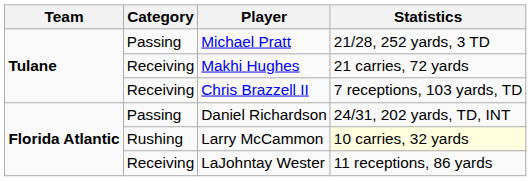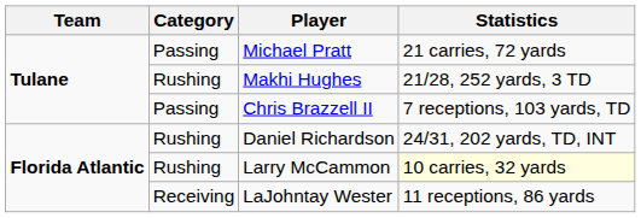 <table class="wikitable" style="float: right;">
 <tr>
 <th>Team</th>
 <th>Category</th>
 <th>Player</th>
 <th>Statistics</th>
 </tr>
 <tr>
 <td rowspan=3><strong>Tulane</strong></td>
 <td>Passing</td>
 <td><a href='#'>Michael Pratt</a></td>
+<td>21 carries, 72 yards</td>
+</tr>
+<tr>
+<td>Rushing</td>
+<td><a href='#'>Makhi Hughes</a></td>
 <td>21/28, 252 yards, 3 TD</td>
 </tr>
 <tr>
-<td>Receiving</td>
-<td><a href='#'>Makhi Hughes</a></td>
-<td>21 carries, 72 yards</td>
-</tr>
-<tr>
-<td>Receiving</td>
+<td>Passing</td>
 <td><a href='#'>Chris Brazzell II</a></td>
 <td>7 receptions, 103 yards, TD</td>
 </tr>
 <tr>
 <td rowspan=3><strong>Florida Atlantic</strong></td>
-<td>Passing</td>
+<td>Rushing</td>
 <td>Daniel Richardson</td>
 <td>24/31, 202 yards, TD, INT</td>
 </tr>
 <tr>
 <td>Rushing</td>
 <td>Larry McCammon</td>
 <td style="background: lightyellow;">10 carries, 32 yards</td>
 </tr>
 <tr>
 <td>Receiving</td>
 <td>LaJohntay Wester</td>
 <td>11 receptions, 86 yards</td>
 </tr>
 </table>
